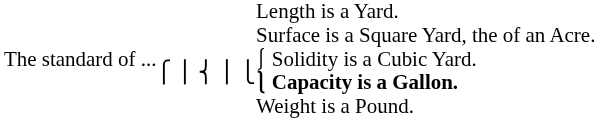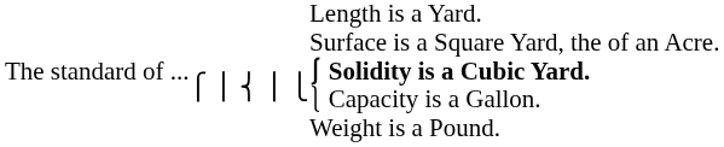 <table cellpadding=0; cellspacing=0;>
 <tr>
 <td rowspan="5">The standard of ...</td>
 <td rowspan="5" style="vertical-align:middle"><div><br><span>⎧</span> <span>⎪</span> <span>⎨</span> <span>⎪</span> <span>⎩</span> </div></td>
 <td>Length is a Yard.</td>
 </tr>
 <tr>
 <td>Surface is a Square Yard, the  of an Acre.</td>
 </tr>
 <tr>
-<td>⎰ Solidity is a Cubic Yard.</td>
+<td><strong>⎰ Solidity is a Cubic Yard.</strong></td>
 </tr>
 <tr>
-<td><strong>⎱ Capacity is a Gallon.</strong></td>
+<td>⎱ Capacity is a Gallon.</td>
 </tr>
 <tr>
 <td>Weight is a Pound.</td>
 </tr>
 </table>
